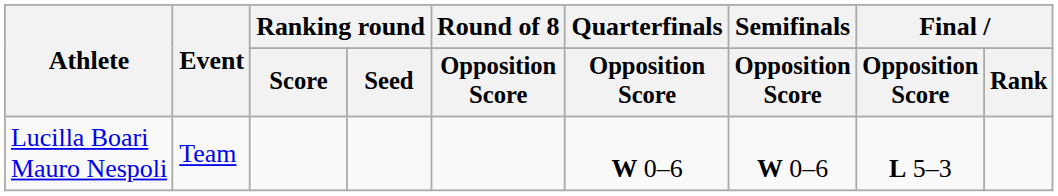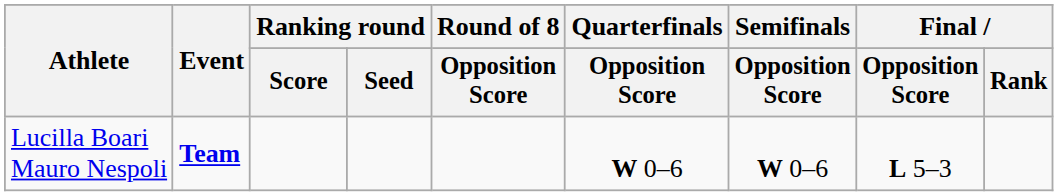 <table class="wikitable" style="font-size:90%">
 <tr>
 <th rowspan=2>Athlete</th>
 <th rowspan=2>Event</th>
 <th colspan="2">Ranking round</th>
 <th>Round of 8</th>
 <th>Quarterfinals</th>
 <th>Semifinals</th>
 <th colspan="2">Final / </th>
 </tr>
 <tr style="font-size:95%">
 <th>Score</th>
 <th>Seed</th>
 <th>Opposition<br>Score</th>
 <th>Opposition<br>Score</th>
 <th>Opposition<br>Score</th>
 <th>Opposition<br>Score</th>
 <th>Rank</th>
 </tr>
 <tr align=center>
 <td align=left><a href='#'>Lucilla Boari</a><br><a href='#'>Mauro Nespoli</a></td>
-<td align=left><a href='#'>Team</a></td>
+<td align=left><strong><a href='#'>Team</a></strong></td>
 <td></td>
 <td></td>
 <td></td>
 <td><br><strong>W</strong> 0–6</td>
 <td><br><strong>W</strong> 0–6</td>
 <td><br><strong>L</strong> 5–3</td>
 <td></td>
 </tr>
 </table>
